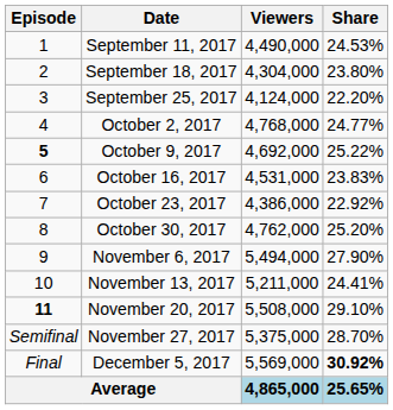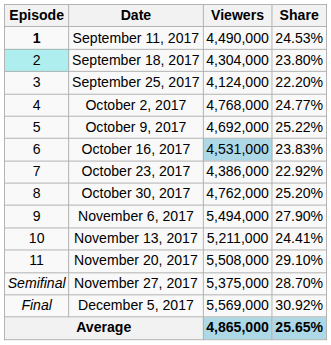 <table class="wikitable" style="text-align:center;">
 <tr>
 <th>Episode</th>
 <th>Date</th>
 <th>Viewers</th>
 <th>Share</th>
 </tr>
 <tr>
-<td>1</td>
+<td><strong>1</strong></td>
 <td>September 11, 2017</td>
 <td>4,490,000</td>
 <td>24.53%</td>
 </tr>
 <tr>
-<td>2</td>
+<td style="background: paleturquoise;">2</td>
 <td>September 18, 2017</td>
 <td>4,304,000</td>
 <td>23.80%</td>
 </tr>
 <tr>
 <td>3</td>
 <td>September 25, 2017</td>
 <td>4,124,000</td>
 <td>22.20%</td>
 </tr>
 <tr>
 <td>4</td>
 <td>October 2, 2017</td>
 <td>4,768,000</td>
 <td>24.77%</td>
 </tr>
 <tr>
-<td><strong>5</strong></td>
+<td>5</td>
 <td>October 9, 2017</td>
 <td>4,692,000</td>
 <td>25.22%</td>
 </tr>
 <tr>
 <td>6</td>
 <td>October 16, 2017</td>
-<td>4,531,000</td>
+<td style="background: lightblue;">4,531,000</td>
 <td>23.83%</td>
 </tr>
 <tr>
 <td>7</td>
 <td>October 23, 2017</td>
 <td>4,386,000</td>
 <td>22.92%</td>
 </tr>
 <tr>
 <td>8</td>
 <td>October 30, 2017</td>
 <td>4,762,000</td>
 <td>25.20%</td>
 </tr>
 <tr>
 <td>9</td>
 <td>November 6, 2017</td>
 <td>5,494,000</td>
 <td>27.90%</td>
 </tr>
 <tr>
 <td>10</td>
 <td>November 13, 2017</td>
 <td>5,211,000</td>
 <td>24.41%</td>
 </tr>
 <tr>
-<td><strong>11</strong></td>
+<td>11</td>
 <td>November 20, 2017</td>
 <td>5,508,000</td>
 <td>29.10%</td>
 </tr>
 <tr>
 <td><em>Semifinal</em></td>
 <td>November 27, 2017</td>
 <td>5,375,000</td>
 <td>28.70%</td>
 </tr>
 <tr>
 <td><em>Final</em></td>
 <td>December 5, 2017</td>
 <td>5,569,000</td>
-<td><strong>30.92%</strong></td>
+<td>30.92%</td>
 </tr>
 <tr>
 <th colspan="2">Average</th>
 <td bgcolor="lightblue"><strong>4,865,000</strong></td>
 <td bgcolor="lightblue"><strong>25.65%</strong></td>
 </tr>
 </table>
